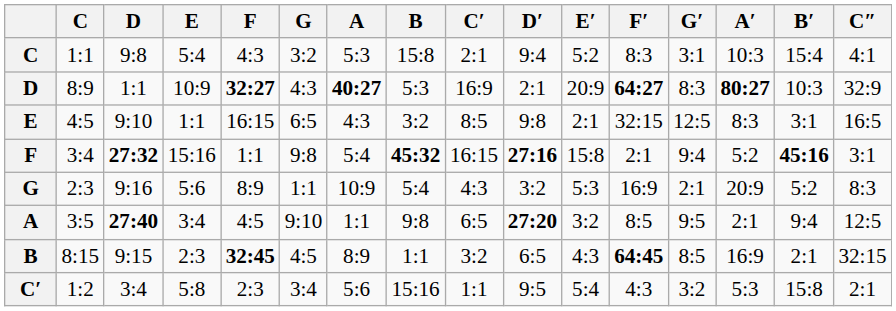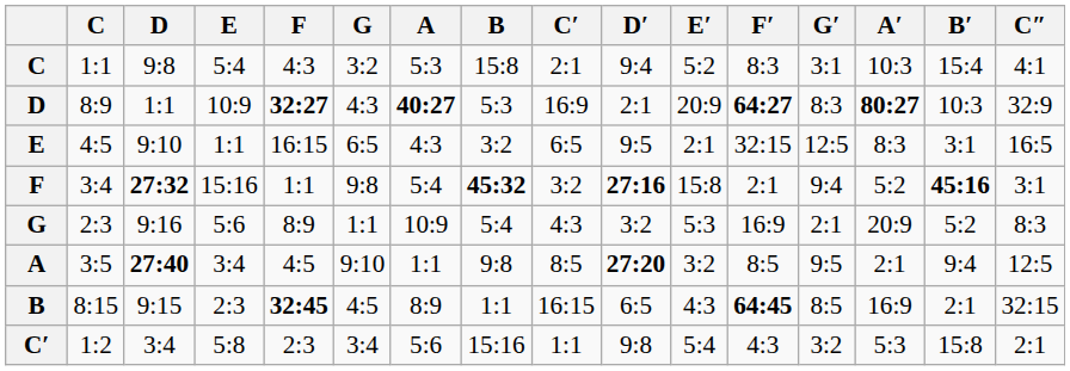 <table class="wikitable" style="text-align:center;vertical-align:center">
 <tr>
 <th>  </th>
 <th>C</th>
 <th>D</th>
 <th>E</th>
 <th>F</th>
 <th>G</th>
 <th>A</th>
 <th>B</th>
 <th>C′</th>
 <th>D′</th>
 <th>E′</th>
 <th>F′</th>
 <th>G′</th>
 <th>A′</th>
 <th>B′</th>
 <th>C″</th>
 </tr>
 <tr>
 <th>C</th>
 <td>1:1</td>
 <td>9:8</td>
 <td>5:4</td>
 <td>4:3</td>
 <td>3:2</td>
 <td>5:3</td>
 <td>15:8</td>
 <td>2:1</td>
 <td>9:4</td>
 <td>5:2</td>
 <td>8:3</td>
 <td>3:1</td>
 <td>10:3</td>
 <td>15:4</td>
 <td>4:1</td>
 </tr>
 <tr>
 <th>D</th>
 <td>8:9</td>
 <td>1:1</td>
 <td>10:9</td>
 <td><strong>32:27</strong></td>
 <td>4:3</td>
 <td><strong>40:27</strong></td>
 <td>5:3</td>
 <td>16:9</td>
 <td>2:1</td>
 <td>20:9</td>
 <td><strong>64:27</strong></td>
 <td>8:3</td>
 <td><strong>80:27</strong></td>
 <td>10:3</td>
 <td>32:9</td>
 </tr>
 <tr>
 <th>E</th>
 <td>4:5</td>
 <td>9:10</td>
 <td>1:1</td>
 <td>16:15</td>
 <td>6:5</td>
 <td>4:3</td>
 <td>3:2</td>
-<td>8:5</td>
-<td>9:8</td>
+<td>6:5</td>
+<td>9:5</td>
 <td>2:1</td>
 <td>32:15</td>
 <td>12:5</td>
 <td>8:3</td>
 <td>3:1</td>
 <td>16:5</td>
 </tr>
 <tr>
 <th>F</th>
 <td>3:4</td>
 <td><strong>27:32</strong></td>
 <td>15:16</td>
 <td>1:1</td>
 <td>9:8</td>
 <td>5:4</td>
 <td><strong>45:32</strong></td>
-<td>16:15</td>
+<td>3:2</td>
 <td><strong>27:16</strong></td>
 <td>15:8</td>
 <td>2:1</td>
 <td>9:4</td>
 <td>5:2</td>
 <td><strong>45:16</strong></td>
 <td>3:1</td>
 </tr>
 <tr>
 <th>G</th>
 <td>2:3</td>
 <td>9:16</td>
 <td>5:6</td>
 <td>8:9</td>
 <td>1:1</td>
 <td>10:9</td>
 <td>5:4</td>
 <td>4:3</td>
 <td>3:2</td>
 <td>5:3</td>
 <td>16:9</td>
 <td>2:1</td>
 <td>20:9</td>
 <td>5:2</td>
 <td>8:3</td>
 </tr>
 <tr>
 <th>A</th>
 <td>3:5</td>
 <td><strong>27:40</strong></td>
 <td>3:4</td>
 <td>4:5</td>
 <td>9:10</td>
 <td>1:1</td>
 <td>9:8</td>
-<td>6:5</td>
+<td>8:5</td>
 <td><strong>27:20</strong></td>
 <td>3:2</td>
 <td>8:5</td>
 <td>9:5</td>
 <td>2:1</td>
 <td>9:4</td>
 <td>12:5</td>
 </tr>
 <tr>
 <th>B</th>
 <td>8:15</td>
 <td>9:15</td>
 <td>2:3</td>
 <td><strong>32:45</strong></td>
 <td>4:5</td>
 <td>8:9</td>
 <td>1:1</td>
-<td>3:2</td>
+<td>16:15</td>
 <td>6:5</td>
 <td>4:3</td>
 <td><strong>64:45</strong></td>
 <td>8:5</td>
 <td>16:9</td>
 <td>2:1</td>
 <td>32:15</td>
 </tr>
 <tr>
 <th>C′</th>
 <td>1:2</td>
 <td>3:4</td>
 <td>5:8</td>
 <td>2:3</td>
 <td>3:4</td>
 <td>5:6</td>
 <td>15:16</td>
 <td>1:1</td>
-<td>9:5</td>
+<td>9:8</td>
 <td>5:4</td>
 <td>4:3</td>
 <td>3:2</td>
 <td>5:3</td>
 <td>15:8</td>
 <td>2:1</td>
 </tr>
 </table>
